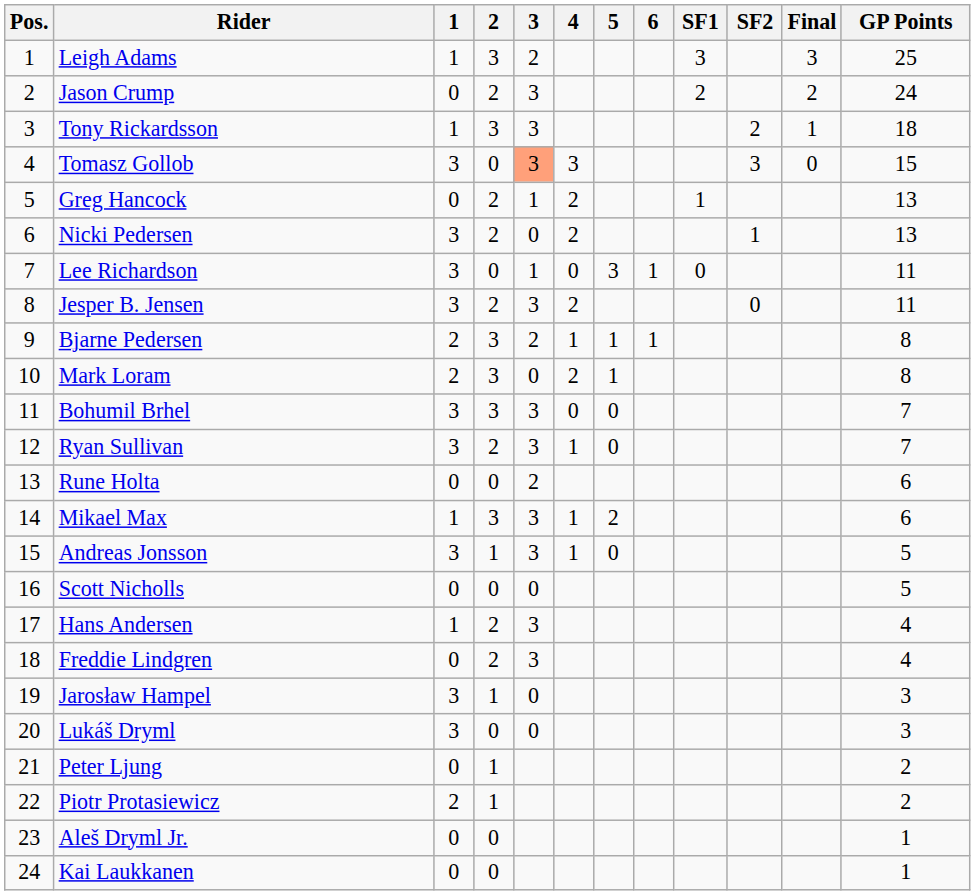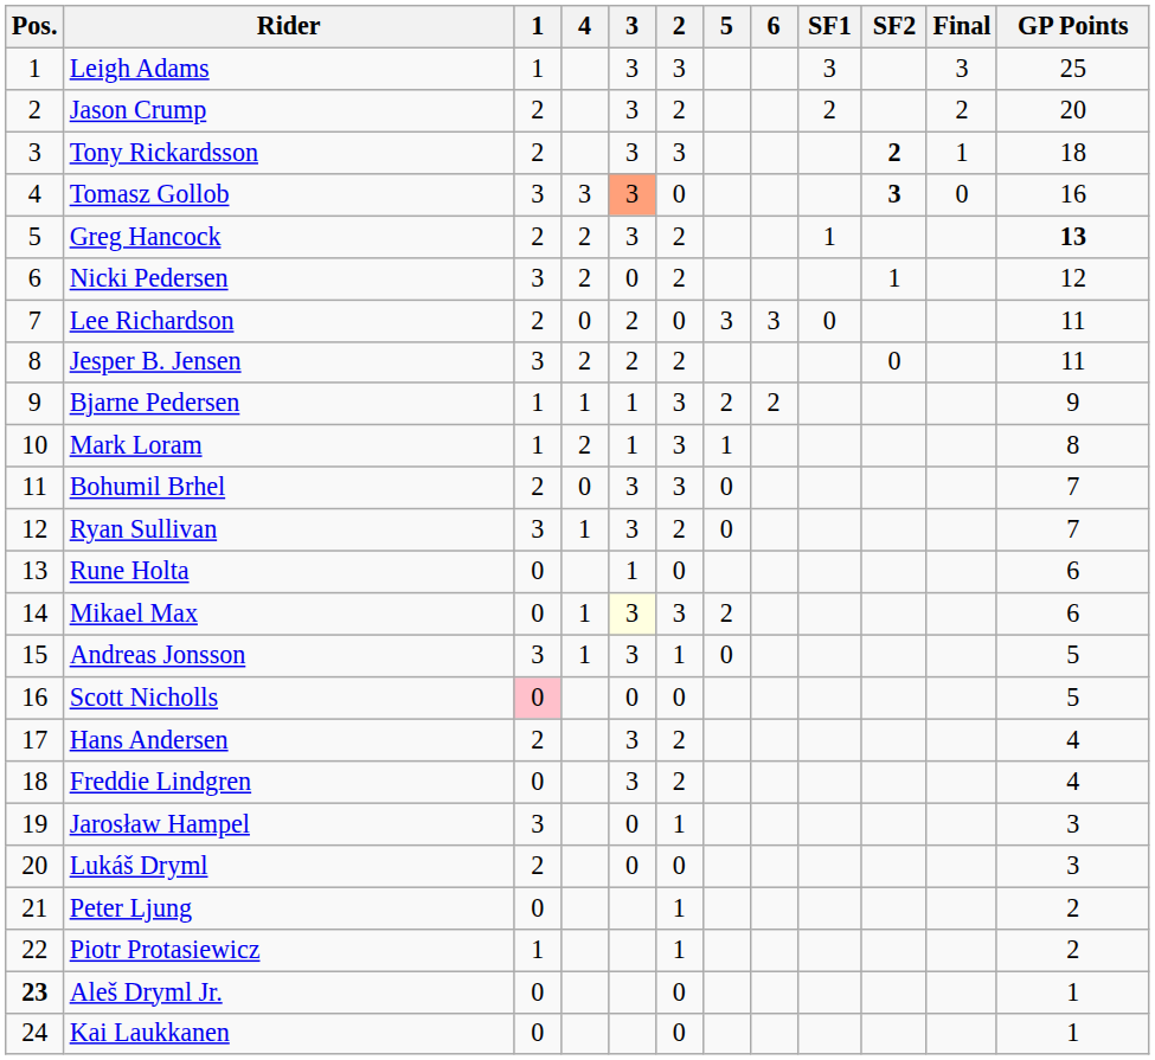 <table class=wikitable style="font-size:93%;">
 <tr>
 <th width=25px>Pos.</th>
 <th width=250px>Rider</th>
 <th width=20px>1</th>
+<th width=20px>4</th>
+<th width=20px>3</th>
 <th width=20px>2</th>
-<th width=20px>3</th>
-<th width=20px>4</th>
 <th width=20px>5</th>
 <th width=20px>6</th>
 <th width=30px>SF1</th>
 <th width=30px>SF2</th>
 <th width=30px>Final</th>
 <th width=80px>GP Points</th>
 </tr>
 <tr align=center style="background-color:">
 <td>1</td>
 <td align=left> <a href='#'>Leigh Adams</a></td>
 <td>1</td>
+<td></td>
 <td>3</td>
-<td>2</td>
-<td></td>
+<td>3</td>
 <td></td>
 <td></td>
 <td>  3</td>
 <td></td>
 <td>3</td>
 <td>25</td>
 </tr>
 <tr align=center style="background-color:">
 <td>2</td>
 <td align=left> <a href='#'>Jason Crump</a></td>
-<td>0</td>
 <td>2</td>
+<td></td>
 <td>3</td>
-<td></td>
+<td>2</td>
 <td></td>
 <td></td>
 <td> 2</td>
 <td></td>
 <td>2</td>
-<td>24</td>
+<td>20</td>
 </tr>
 <tr align=center style="background-color:">
 <td>3</td>
 <td align=left> <a href='#'>Tony Rickardsson</a></td>
-<td>1</td>
+<td>2</td>
+<td></td>
 <td>3</td>
 <td>3</td>
 <td></td>
 <td></td>
 <td></td>
-<td></td>
-<td>2</td>
+<td><strong>2</strong></td>
 <td>1</td>
 <td>18</td>
 </tr>
 <tr align=center>
 <td>4</td>
 <td align=left> <a href='#'>Tomasz Gollob</a></td>
 <td>3</td>
+<td>3</td>
+<td style="background: lightsalmon;">3</td>
 <td>0</td>
-<td style="background: lightsalmon;">3</td>
-<td>3</td>
 <td></td>
 <td></td>
 <td></td>
-<td>3</td>
+<td><strong>3</strong></td>
 <td>0</td>
-<td>15</td>
+<td>16</td>
 </tr>
 <tr align=center>
 <td>5</td>
 <td align=left> <a href='#'>Greg Hancock</a></td>
-<td>0</td>
 <td>2</td>
-<td>1</td>
+<td>2</td>
+<td>3</td>
 <td>2</td>
 <td></td>
 <td></td>
 <td>1</td>
 <td></td>
 <td></td>
-<td>13</td>
+<td><strong>13</strong></td>
 </tr>
 <tr align=center>
 <td>6</td>
 <td align=left> <a href='#'>Nicki Pedersen</a></td>
 <td>3</td>
 <td>2</td>
 <td>0</td>
 <td>2</td>
 <td></td>
 <td></td>
 <td></td>
 <td>1</td>
 <td></td>
-<td>13</td>
+<td>12</td>
 </tr>
 <tr align=center>
 <td>7</td>
 <td align=left> <a href='#'>Lee Richardson</a></td>
-<td>3</td>
+<td>2</td>
 <td>0</td>
-<td>1</td>
+<td>2</td>
 <td>0</td>
 <td>3</td>
-<td>1</td>
+<td>3</td>
 <td>0</td>
 <td></td>
 <td></td>
 <td>11</td>
 </tr>
 <tr align=center>
 <td>8</td>
 <td align=left> <a href='#'>Jesper B. Jensen</a></td>
 <td>3</td>
 <td>2</td>
-<td>3</td>
+<td>2</td>
 <td>2</td>
 <td></td>
 <td></td>
 <td></td>
 <td>0</td>
 <td></td>
 <td>11</td>
 </tr>
 <tr align=center>
 <td>9</td>
 <td align=left> <a href='#'>Bjarne Pedersen</a></td>
-<td>2</td>
-<td>3</td>
-<td>2</td>
 <td>1</td>
 <td>1</td>
 <td>1</td>
+<td>3</td>
+<td>2</td>
+<td>2</td>
 <td></td>
 <td></td>
 <td></td>
-<td>8</td>
+<td>9</td>
 </tr>
 <tr align=center>
 <td>10</td>
 <td align=left> <a href='#'>Mark Loram</a></td>
+<td>1</td>
 <td>2</td>
+<td>1</td>
 <td>3</td>
-<td>0</td>
-<td>2</td>
 <td>1</td>
 <td></td>
 <td></td>
 <td></td>
 <td></td>
 <td>8</td>
 </tr>
 <tr align=center>
 <td>11</td>
 <td align=left> <a href='#'>Bohumil Brhel</a></td>
+<td>2</td>
+<td>0</td>
 <td>3</td>
 <td>3</td>
-<td>3</td>
-<td>0</td>
 <td>0</td>
 <td></td>
 <td></td>
 <td></td>
 <td></td>
 <td>7</td>
 </tr>
 <tr align=center>
 <td>12</td>
 <td align=left> <a href='#'>Ryan Sullivan</a></td>
 <td>3</td>
+<td>1</td>
+<td>3</td>
 <td>2</td>
-<td>3</td>
-<td>1</td>
 <td>0</td>
 <td></td>
 <td></td>
 <td></td>
 <td></td>
 <td>7</td>
 </tr>
 <tr align=center>
 <td>13</td>
 <td align=left> <a href='#'>Rune Holta</a></td>
 <td>0</td>
+<td></td>
+<td>1</td>
 <td>0</td>
-<td>2</td>
-<td></td>
 <td></td>
 <td></td>
 <td></td>
 <td></td>
 <td></td>
 <td>6</td>
 </tr>
 <tr align=center>
 <td>14</td>
 <td align=left> <a href='#'>Mikael Max</a></td>
+<td>0</td>
 <td>1</td>
+<td style="background: lightyellow;">3</td>
 <td>3</td>
-<td>3</td>
-<td>1</td>
 <td>2</td>
 <td></td>
 <td></td>
 <td></td>
 <td></td>
 <td>6</td>
 </tr>
 <tr align=center>
 <td>15</td>
 <td align=left> <a href='#'>Andreas Jonsson</a></td>
 <td>3</td>
 <td>1</td>
 <td>3</td>
 <td>1</td>
 <td>0</td>
 <td></td>
 <td></td>
 <td></td>
 <td></td>
 <td>5</td>
 </tr>
 <tr align=center>
 <td>16</td>
 <td align=left> <a href='#'>Scott Nicholls</a></td>
+<td style="background: pink;">0</td>
+<td></td>
 <td>0</td>
 <td>0</td>
-<td>0</td>
-<td></td>
 <td></td>
 <td></td>
 <td></td>
 <td></td>
 <td></td>
 <td>5</td>
 </tr>
 <tr align=center>
 <td>17</td>
 <td align=left> <a href='#'>Hans Andersen</a></td>
-<td>1</td>
 <td>2</td>
+<td></td>
 <td>3</td>
-<td></td>
+<td>2</td>
 <td></td>
 <td></td>
 <td></td>
 <td></td>
 <td></td>
 <td>4</td>
 </tr>
 <tr align=center>
 <td>18</td>
 <td align=left> <a href='#'>Freddie Lindgren</a></td>
 <td>0</td>
+<td></td>
+<td>3</td>
 <td>2</td>
-<td>3</td>
-<td></td>
 <td></td>
 <td></td>
 <td></td>
 <td></td>
 <td></td>
 <td>4</td>
 </tr>
 <tr align=center>
 <td>19</td>
 <td align=left> <a href='#'>Jarosław Hampel</a></td>
 <td>3</td>
+<td></td>
+<td>0</td>
 <td>1</td>
-<td>0</td>
-<td></td>
 <td></td>
 <td></td>
 <td></td>
 <td></td>
 <td></td>
 <td>3</td>
 </tr>
 <tr align=center>
 <td>20</td>
 <td align=left> <a href='#'>Lukáš Dryml</a></td>
-<td>3</td>
+<td>2</td>
+<td></td>
 <td>0</td>
 <td>0</td>
-<td></td>
 <td></td>
 <td></td>
 <td></td>
 <td></td>
 <td></td>
 <td>3</td>
 </tr>
 <tr align=center>
 <td>21</td>
 <td align=left> <a href='#'>Peter Ljung</a></td>
 <td>0</td>
-<td>1</td>
 <td></td>
 <td></td>
+<td>1</td>
 <td></td>
 <td></td>
 <td></td>
 <td></td>
 <td></td>
 <td>2</td>
 </tr>
 <tr align=center>
 <td>22</td>
 <td align=left> <a href='#'>Piotr Protasiewicz</a></td>
-<td>2</td>
 <td>1</td>
 <td></td>
 <td></td>
+<td>1</td>
 <td></td>
 <td></td>
 <td></td>
 <td></td>
 <td></td>
 <td>2</td>
 </tr>
 <tr align=center>
-<td>23</td>
+<td><strong>23</strong></td>
 <td align=left> <a href='#'>Aleš Dryml Jr.</a></td>
-<td>0</td>
 <td>0</td>
 <td></td>
 <td></td>
+<td>0</td>
 <td></td>
 <td></td>
 <td></td>
 <td></td>
 <td></td>
 <td>1</td>
 </tr>
 <tr align=center>
 <td>24</td>
 <td align=left> <a href='#'>Kai Laukkanen</a></td>
 <td>0</td>
-<td>0</td>
 <td></td>
 <td></td>
+<td>0</td>
 <td></td>
 <td></td>
 <td></td>
 <td></td>
 <td></td>
 <td>1</td>
 </tr>
 </table>
